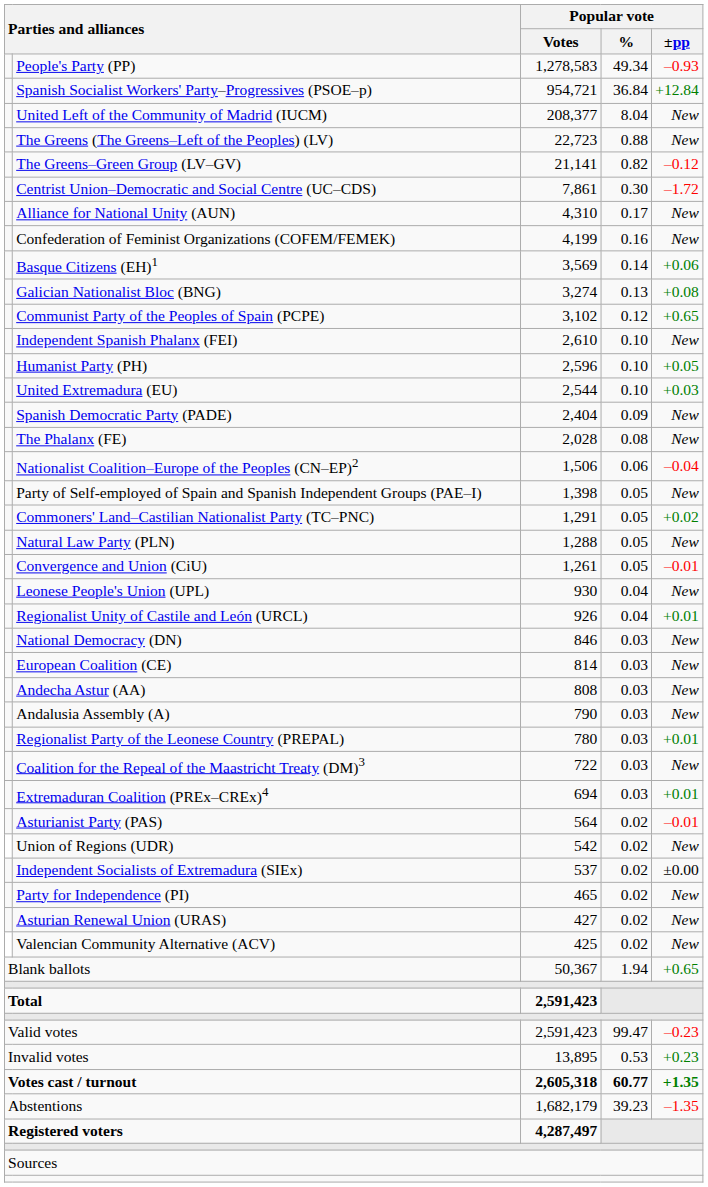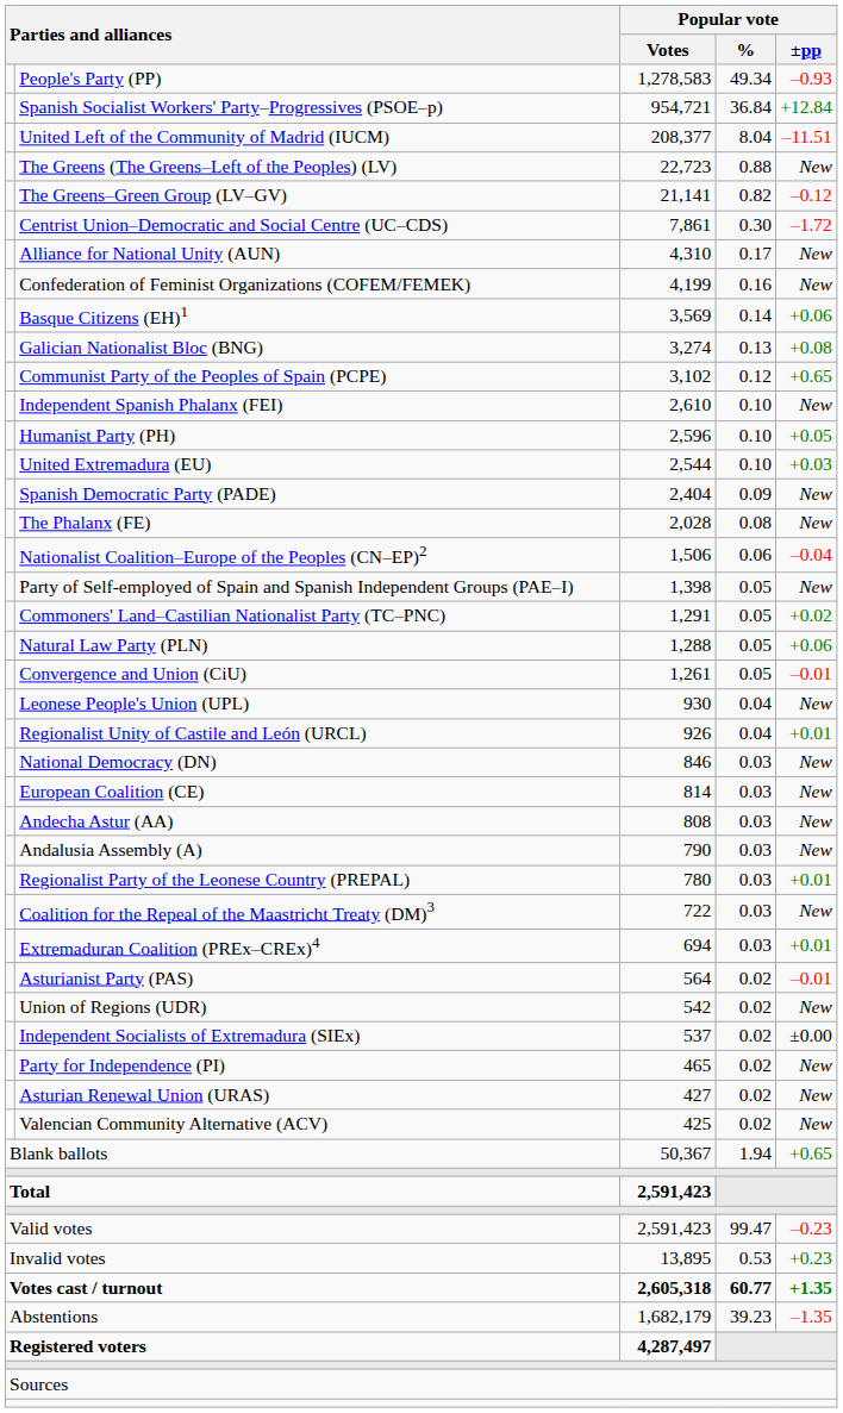 <table class="wikitable" style="text-align:right">
 <tr>
 <th style="text-align:left;" rowspan="2" colspan="2" width="525">Parties and alliances</th>
 <th colspan="3">Popular vote</th>
 </tr>
 <tr>
 <th width="75">Votes</th>
 <th width="45">%</th>
 <th width="45">±<a href='#'>pp</a></th>
 </tr>
 <tr>
 <td width="1" style="color:inherit;background:"></td>
 <td align="left"><a href='#'>People's Party</a> (PP)</td>
 <td>1,278,583</td>
 <td>49.34</td>
 <td style="color:red;">–0.93</td>
 </tr>
 <tr>
 <td style="color:inherit;background:"></td>
 <td align="left"><a href='#'>Spanish Socialist Workers' Party</a>–<a href='#'>Progressives</a> (PSOE–p)</td>
 <td>954,721</td>
 <td>36.84</td>
 <td style="color:green;">+12.84</td>
 </tr>
 <tr>
 <td style="color:inherit;background:"></td>
 <td align="left"><a href='#'>United Left of the Community of Madrid</a> (IUCM)</td>
 <td>208,377</td>
 <td>8.04</td>
-<td><em>New</em></td>
+<td style="color:red;">–11.51</td>
 </tr>
 <tr>
 <td style="color:inherit;background:"></td>
 <td align="left"><a href='#'>The Greens</a> (<a href='#'>The Greens–Left of the Peoples</a>) (LV)</td>
 <td>22,723</td>
 <td>0.88</td>
 <td><em>New</em></td>
 </tr>
 <tr>
 <td style="color:inherit;background:"></td>
 <td align="left"><a href='#'>The Greens–Green Group</a> (LV–GV)</td>
 <td>21,141</td>
 <td>0.82</td>
 <td style="color:red;">–0.12</td>
 </tr>
 <tr>
 <td style="color:inherit;background:"></td>
 <td align="left"><a href='#'>Centrist Union–Democratic and Social Centre</a> (UC–CDS)</td>
 <td>7,861</td>
 <td>0.30</td>
 <td style="color:red;">–1.72</td>
 </tr>
 <tr>
 <td style="color:inherit;background:"></td>
 <td align="left"><a href='#'>Alliance for National Unity</a> (AUN)</td>
 <td>4,310</td>
 <td>0.17</td>
 <td><em>New</em></td>
 </tr>
 <tr>
 <td style="color:inherit;background:"></td>
 <td align="left">Confederation of Feminist Organizations (COFEM/FEMEK)</td>
 <td>4,199</td>
 <td>0.16</td>
 <td><em>New</em></td>
 </tr>
 <tr>
 <td style="color:inherit;background:"></td>
 <td align="left"><a href='#'>Basque Citizens</a> (EH)<sup>1</sup></td>
 <td>3,569</td>
 <td>0.14</td>
 <td style="color:green;">+0.06</td>
 </tr>
 <tr>
 <td style="color:inherit;background:"></td>
 <td align="left"><a href='#'>Galician Nationalist Bloc</a> (BNG)</td>
 <td>3,274</td>
 <td>0.13</td>
 <td style="color:green;">+0.08</td>
 </tr>
 <tr>
 <td style="color:inherit;background:"></td>
 <td align="left"><a href='#'>Communist Party of the Peoples of Spain</a> (PCPE)</td>
 <td>3,102</td>
 <td>0.12</td>
 <td style="color:green;">+0.65</td>
 </tr>
 <tr>
 <td style="color:inherit;background:"></td>
 <td align="left"><a href='#'>Independent Spanish Phalanx</a> (FEI)</td>
 <td>2,610</td>
 <td>0.10</td>
 <td><em>New</em></td>
 </tr>
 <tr>
 <td style="color:inherit;background:"></td>
 <td align="left"><a href='#'>Humanist Party</a> (PH)</td>
 <td>2,596</td>
 <td>0.10</td>
 <td style="color:green;">+0.05</td>
 </tr>
 <tr>
 <td style="color:inherit;background:"></td>
 <td align="left"><a href='#'>United Extremadura</a> (EU)</td>
 <td>2,544</td>
 <td>0.10</td>
 <td style="color:green;">+0.03</td>
 </tr>
 <tr>
 <td style="color:inherit;background:"></td>
 <td align="left"><a href='#'>Spanish Democratic Party</a> (PADE)</td>
 <td>2,404</td>
 <td>0.09</td>
 <td><em>New</em></td>
 </tr>
 <tr>
 <td style="color:inherit;background:"></td>
 <td align="left"><a href='#'>The Phalanx</a> (FE)</td>
 <td>2,028</td>
 <td>0.08</td>
 <td><em>New</em></td>
 </tr>
 <tr>
 <td style="color:inherit;background:"></td>
 <td align="left"><a href='#'>Nationalist Coalition–Europe of the Peoples</a> (CN–EP)<sup>2</sup></td>
 <td>1,506</td>
 <td>0.06</td>
 <td style="color:red;">–0.04</td>
 </tr>
 <tr>
 <td style="color:inherit;background:"></td>
 <td align="left">Party of Self-employed of Spain and Spanish Independent Groups (PAE–I)</td>
 <td>1,398</td>
 <td>0.05</td>
 <td><em>New</em></td>
 </tr>
 <tr>
 <td style="color:inherit;background:"></td>
 <td align="left"><a href='#'>Commoners' Land–Castilian Nationalist Party</a> (TC–PNC)</td>
 <td>1,291</td>
 <td>0.05</td>
 <td style="color:green;">+0.02</td>
 </tr>
 <tr>
 <td style="color:inherit;background:"></td>
 <td align="left"><a href='#'>Natural Law Party</a> (PLN)</td>
 <td>1,288</td>
 <td>0.05</td>
-<td><em>New</em></td>
+<td style="color:green;">+0.06</td>
 </tr>
 <tr>
 <td style="color:inherit;background:"></td>
 <td align="left"><a href='#'>Convergence and Union</a> (CiU)</td>
 <td>1,261</td>
 <td>0.05</td>
 <td style="color:red;">–0.01</td>
 </tr>
 <tr>
 <td style="color:inherit;background:"></td>
 <td align="left"><a href='#'>Leonese People's Union</a> (UPL)</td>
 <td>930</td>
 <td>0.04</td>
 <td><em>New</em></td>
 </tr>
 <tr>
 <td style="color:inherit;background:"></td>
 <td align="left"><a href='#'>Regionalist Unity of Castile and León</a> (URCL)</td>
 <td>926</td>
 <td>0.04</td>
 <td style="color:green;">+0.01</td>
 </tr>
 <tr>
 <td style="color:inherit;background:"></td>
 <td align="left"><a href='#'>National Democracy</a> (DN)</td>
 <td>846</td>
 <td>0.03</td>
 <td><em>New</em></td>
 </tr>
 <tr>
 <td style="color:inherit;background:"></td>
 <td align="left"><a href='#'>European Coalition</a> (CE)</td>
 <td>814</td>
 <td>0.03</td>
 <td><em>New</em></td>
 </tr>
 <tr>
 <td style="color:inherit;background:"></td>
 <td align="left"><a href='#'>Andecha Astur</a> (AA)</td>
 <td>808</td>
 <td>0.03</td>
 <td><em>New</em></td>
 </tr>
 <tr>
 <td style="color:inherit;background:"></td>
 <td align="left">Andalusia Assembly (A)</td>
 <td>790</td>
 <td>0.03</td>
 <td><em>New</em></td>
 </tr>
 <tr>
 <td style="color:inherit;background:"></td>
 <td align="left"><a href='#'>Regionalist Party of the Leonese Country</a> (PREPAL)</td>
 <td>780</td>
 <td>0.03</td>
 <td style="color:green;">+0.01</td>
 </tr>
 <tr>
 <td style="color:inherit;background:"></td>
 <td align="left"><a href='#'>Coalition for the Repeal of the Maastricht Treaty</a> (DM)<sup>3</sup></td>
 <td>722</td>
 <td>0.03</td>
 <td><em>New</em></td>
 </tr>
 <tr>
 <td style="color:inherit;background:"></td>
 <td align="left"><a href='#'>Extremaduran Coalition</a> (PREx–CREx)<sup>4</sup></td>
 <td>694</td>
 <td>0.03</td>
 <td style="color:green;">+0.01</td>
 </tr>
 <tr>
 <td style="color:inherit;background:"></td>
 <td align="left"><a href='#'>Asturianist Party</a> (PAS)</td>
 <td>564</td>
 <td>0.02</td>
 <td style="color:red;">–0.01</td>
 </tr>
 <tr>
 <td bgcolor="white"></td>
 <td align="left">Union of Regions (UDR)</td>
 <td>542</td>
 <td>0.02</td>
 <td><em>New</em></td>
 </tr>
 <tr>
 <td style="color:inherit;background:"></td>
 <td align="left"><a href='#'>Independent Socialists of Extremadura</a> (SIEx)</td>
 <td>537</td>
 <td>0.02</td>
 <td>±0.00</td>
 </tr>
 <tr>
 <td style="color:inherit;background:"></td>
 <td align="left"><a href='#'>Party for Independence</a> (PI)</td>
 <td>465</td>
 <td>0.02</td>
 <td><em>New</em></td>
 </tr>
 <tr>
 <td style="color:inherit;background:"></td>
 <td align="left"><a href='#'>Asturian Renewal Union</a> (URAS)</td>
 <td>427</td>
 <td>0.02</td>
 <td><em>New</em></td>
 </tr>
 <tr>
 <td bgcolor="white"></td>
 <td align="left">Valencian Community Alternative (ACV)</td>
 <td>425</td>
 <td>0.02</td>
 <td><em>New</em></td>
 </tr>
 <tr>
 <td align="left" colspan="2">Blank ballots</td>
 <td>50,367</td>
 <td>1.94</td>
 <td style="color:green;">+0.65</td>
 </tr>
 <tr>
 <td colspan="5" bgcolor="#E9E9E9"></td>
 </tr>
 <tr style="font-weight:bold;">
 <td align="left" colspan="2">Total</td>
 <td>2,591,423</td>
 <td bgcolor="#E9E9E9" colspan="2"></td>
 </tr>
 <tr>
 <td colspan="5" bgcolor="#E9E9E9"></td>
 </tr>
 <tr>
 <td align="left" colspan="2">Valid votes</td>
 <td>2,591,423</td>
 <td>99.47</td>
 <td style="color:red;">–0.23</td>
 </tr>
 <tr>
 <td align="left" colspan="2">Invalid votes</td>
 <td>13,895</td>
 <td>0.53</td>
 <td style="color:green;">+0.23</td>
 </tr>
 <tr style="font-weight:bold;">
 <td align="left" colspan="2">Votes cast / turnout</td>
 <td>2,605,318</td>
 <td>60.77</td>
 <td style="color:green;">+1.35</td>
 </tr>
 <tr>
 <td align="left" colspan="2">Abstentions</td>
 <td>1,682,179</td>
 <td>39.23</td>
 <td style="color:red;">–1.35</td>
 </tr>
 <tr style="font-weight:bold;">
 <td align="left" colspan="2">Registered voters</td>
 <td>4,287,497</td>
 <td bgcolor="#E9E9E9" colspan="2"></td>
 </tr>
 <tr>
 <td colspan="5" bgcolor="#E9E9E9"></td>
 </tr>
 <tr>
 <td align="left" colspan="5">Sources</td>
 </tr>
 <tr>
 <td colspan="5" style="text-align:left; max-width:680px;"></td>
 </tr>
 </table>
